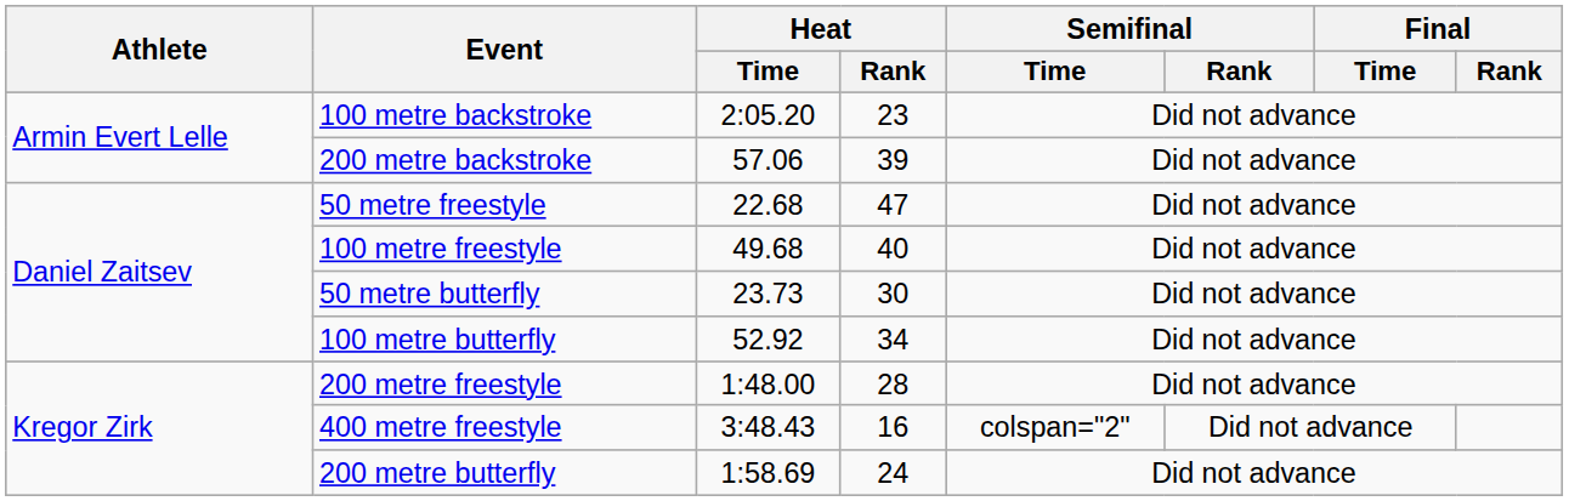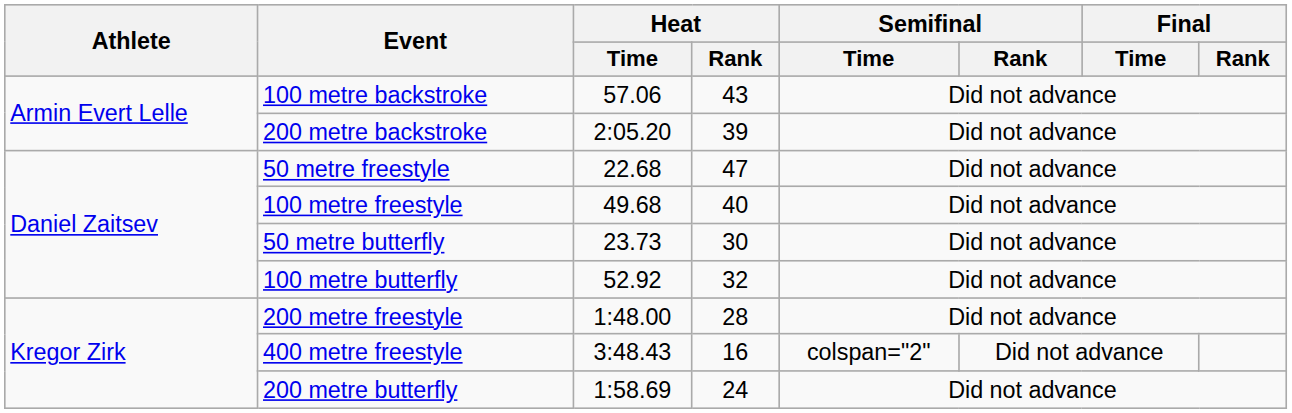 <table class="wikitable" style="text-align:center; font-size:90%; width:50%;">
 <tr>
 <th rowspan="2">Athlete</th>
 <th rowspan="2">Event</th>
 <th colspan="2">Heat</th>
 <th colspan="2">Semifinal</th>
 <th colspan="2">Final</th>
 </tr>
 <tr style="font-size:95%">
 <th>Time</th>
 <th>Rank</th>
 <th>Time</th>
 <th>Rank</th>
 <th>Time</th>
 <th>Rank</th>
 </tr>
 <tr>
 <td align=left rowspan=2><a href='#'>Armin Evert Lelle</a></td>
 <td align=left><a href='#'>100 metre backstroke</a></td>
-<td>2:05.20</td>
-<td>23</td>
+<td>57.06</td>
+<td>43</td>
 <td colspan=4>Did not advance</td>
 </tr>
 <tr>
 <td align=left><a href='#'>200 metre backstroke</a></td>
-<td>57.06</td>
+<td>2:05.20</td>
 <td>39</td>
 <td colspan=4>Did not advance</td>
 </tr>
 <tr>
 <td align=left rowspan=4><a href='#'>Daniel Zaitsev</a></td>
 <td align=left><a href='#'>50 metre freestyle</a></td>
 <td>22.68</td>
 <td>47</td>
 <td colspan=4>Did not advance</td>
 </tr>
 <tr>
 <td align=left><a href='#'>100 metre freestyle</a></td>
 <td>49.68</td>
 <td>40</td>
 <td colspan=4>Did not advance</td>
 </tr>
 <tr>
 <td align=left><a href='#'>50 metre butterfly</a></td>
 <td>23.73</td>
 <td>30</td>
 <td colspan=4>Did not advance</td>
 </tr>
 <tr>
 <td align=left><a href='#'>100 metre butterfly</a></td>
 <td>52.92</td>
-<td>34</td>
+<td>32</td>
 <td colspan=4>Did not advance</td>
 </tr>
 <tr>
 <td align=left rowspan=3><a href='#'>Kregor Zirk</a></td>
 <td align=left><a href='#'>200 metre freestyle</a></td>
 <td>1:48.00</td>
 <td>28</td>
 <td colspan=4>Did not advance</td>
 </tr>
 <tr>
 <td align=left><a href='#'>400 metre freestyle</a></td>
 <td>3:48.43</td>
 <td>16</td>
 <td>colspan="2" </td>
 <td colspan="2">Did not advance</td>
 </tr>
 <tr>
 <td align=left><a href='#'>200 metre butterfly</a></td>
 <td>1:58.69</td>
 <td>24</td>
 <td colspan=4>Did not advance</td>
 </tr>
 </table>
